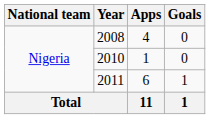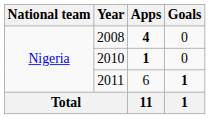 <table class=wikitable style=text-align:center>
 <tr>
 <th>National team</th>
 <th>Year</th>
 <th>Apps</th>
 <th>Goals</th>
 </tr>
 <tr>
 <td rowspan="3"><a href='#'>Nigeria</a></td>
 <td>2008</td>
-<td>4</td>
+<td><strong>4</strong></td>
 <td>0</td>
 </tr>
 <tr>
 <td>2010</td>
-<td>1</td>
+<td><strong>1</strong></td>
 <td>0</td>
 </tr>
 <tr>
 <td>2011</td>
 <td>6</td>
-<td>1</td>
+<td><strong>1</strong></td>
 </tr>
 <tr>
 <th colspan="2">Total</th>
 <th>11</th>
 <th>1</th>
 </tr>
 </table>
